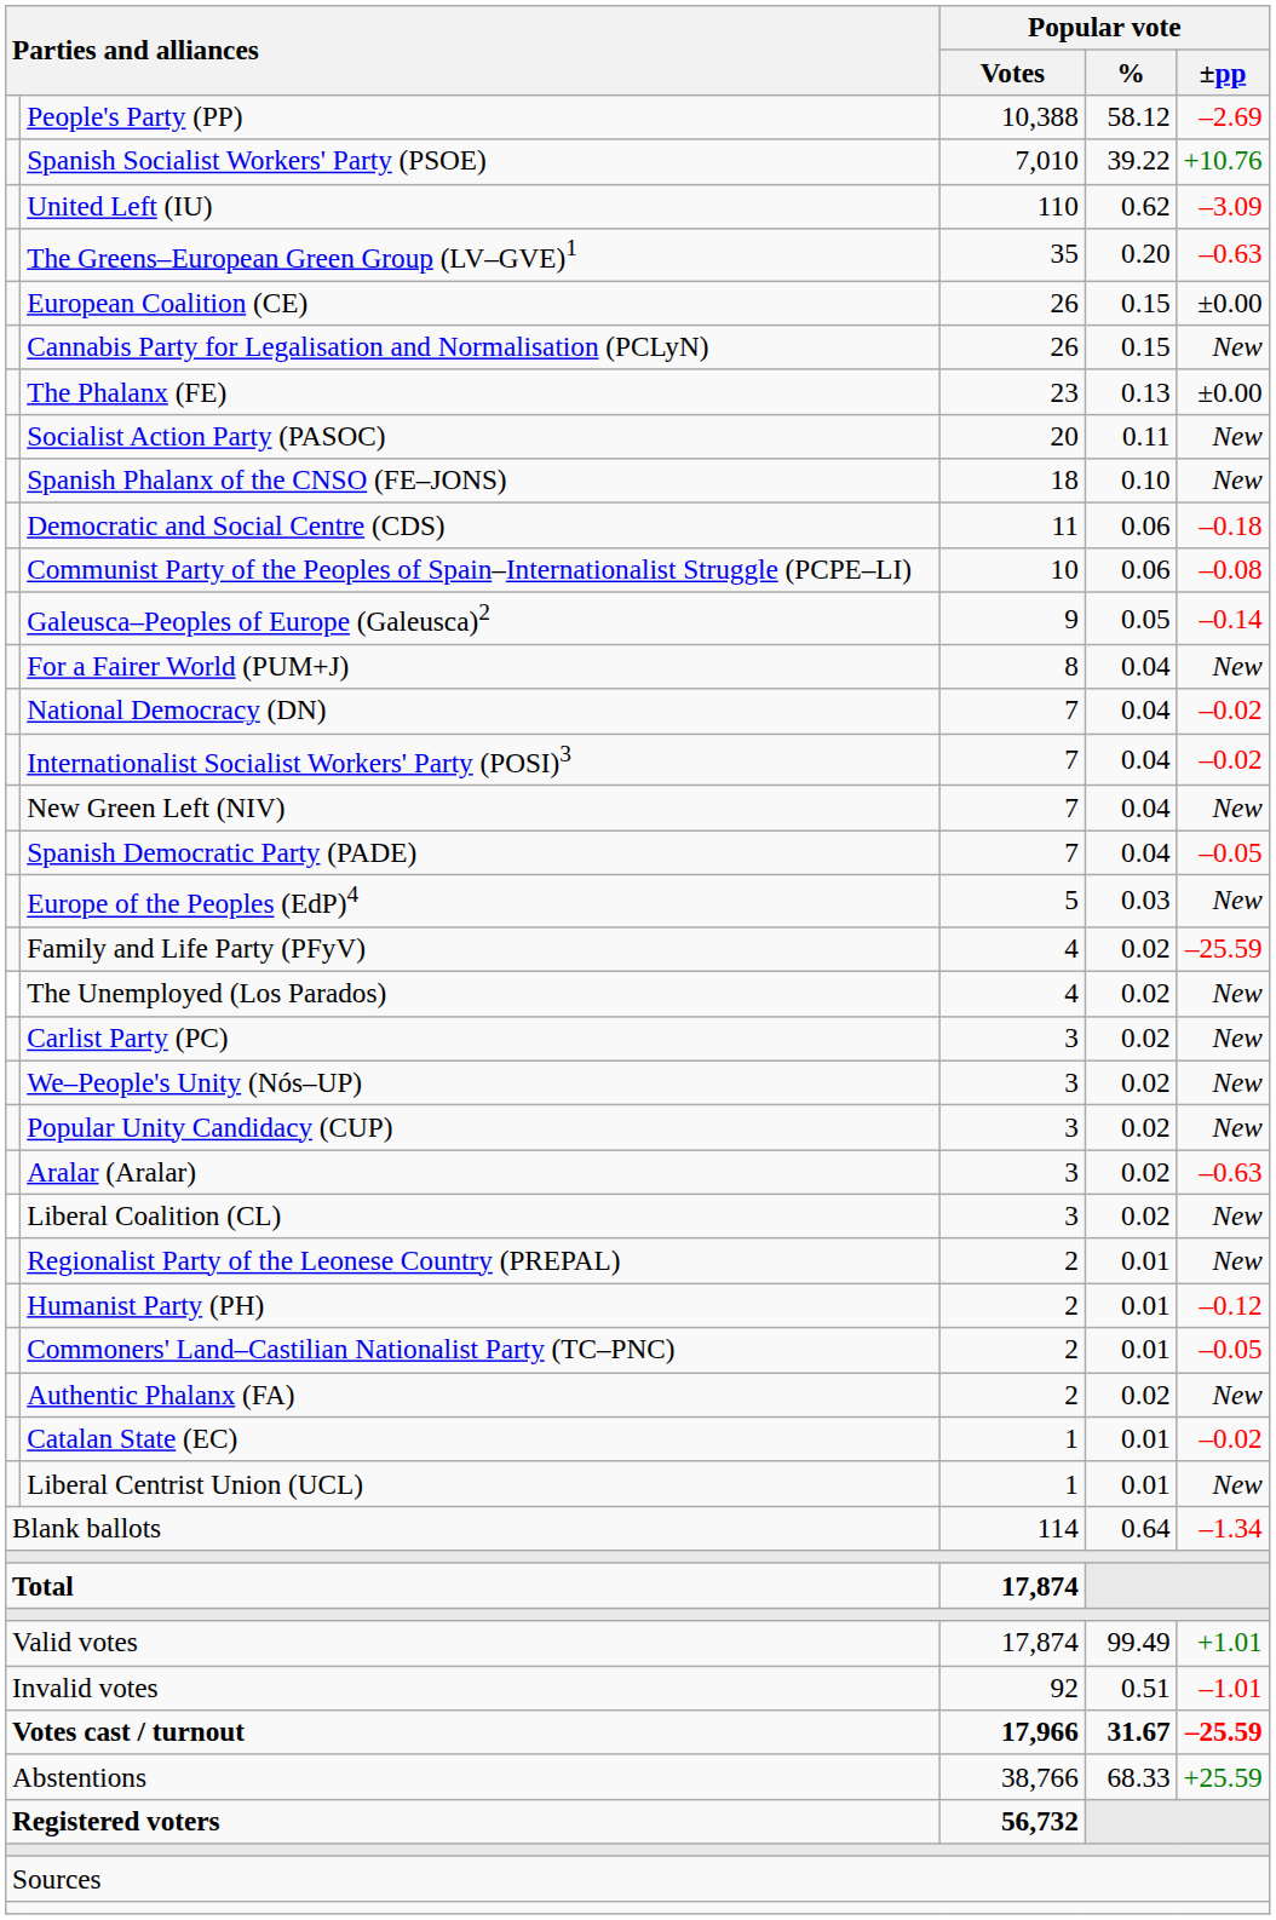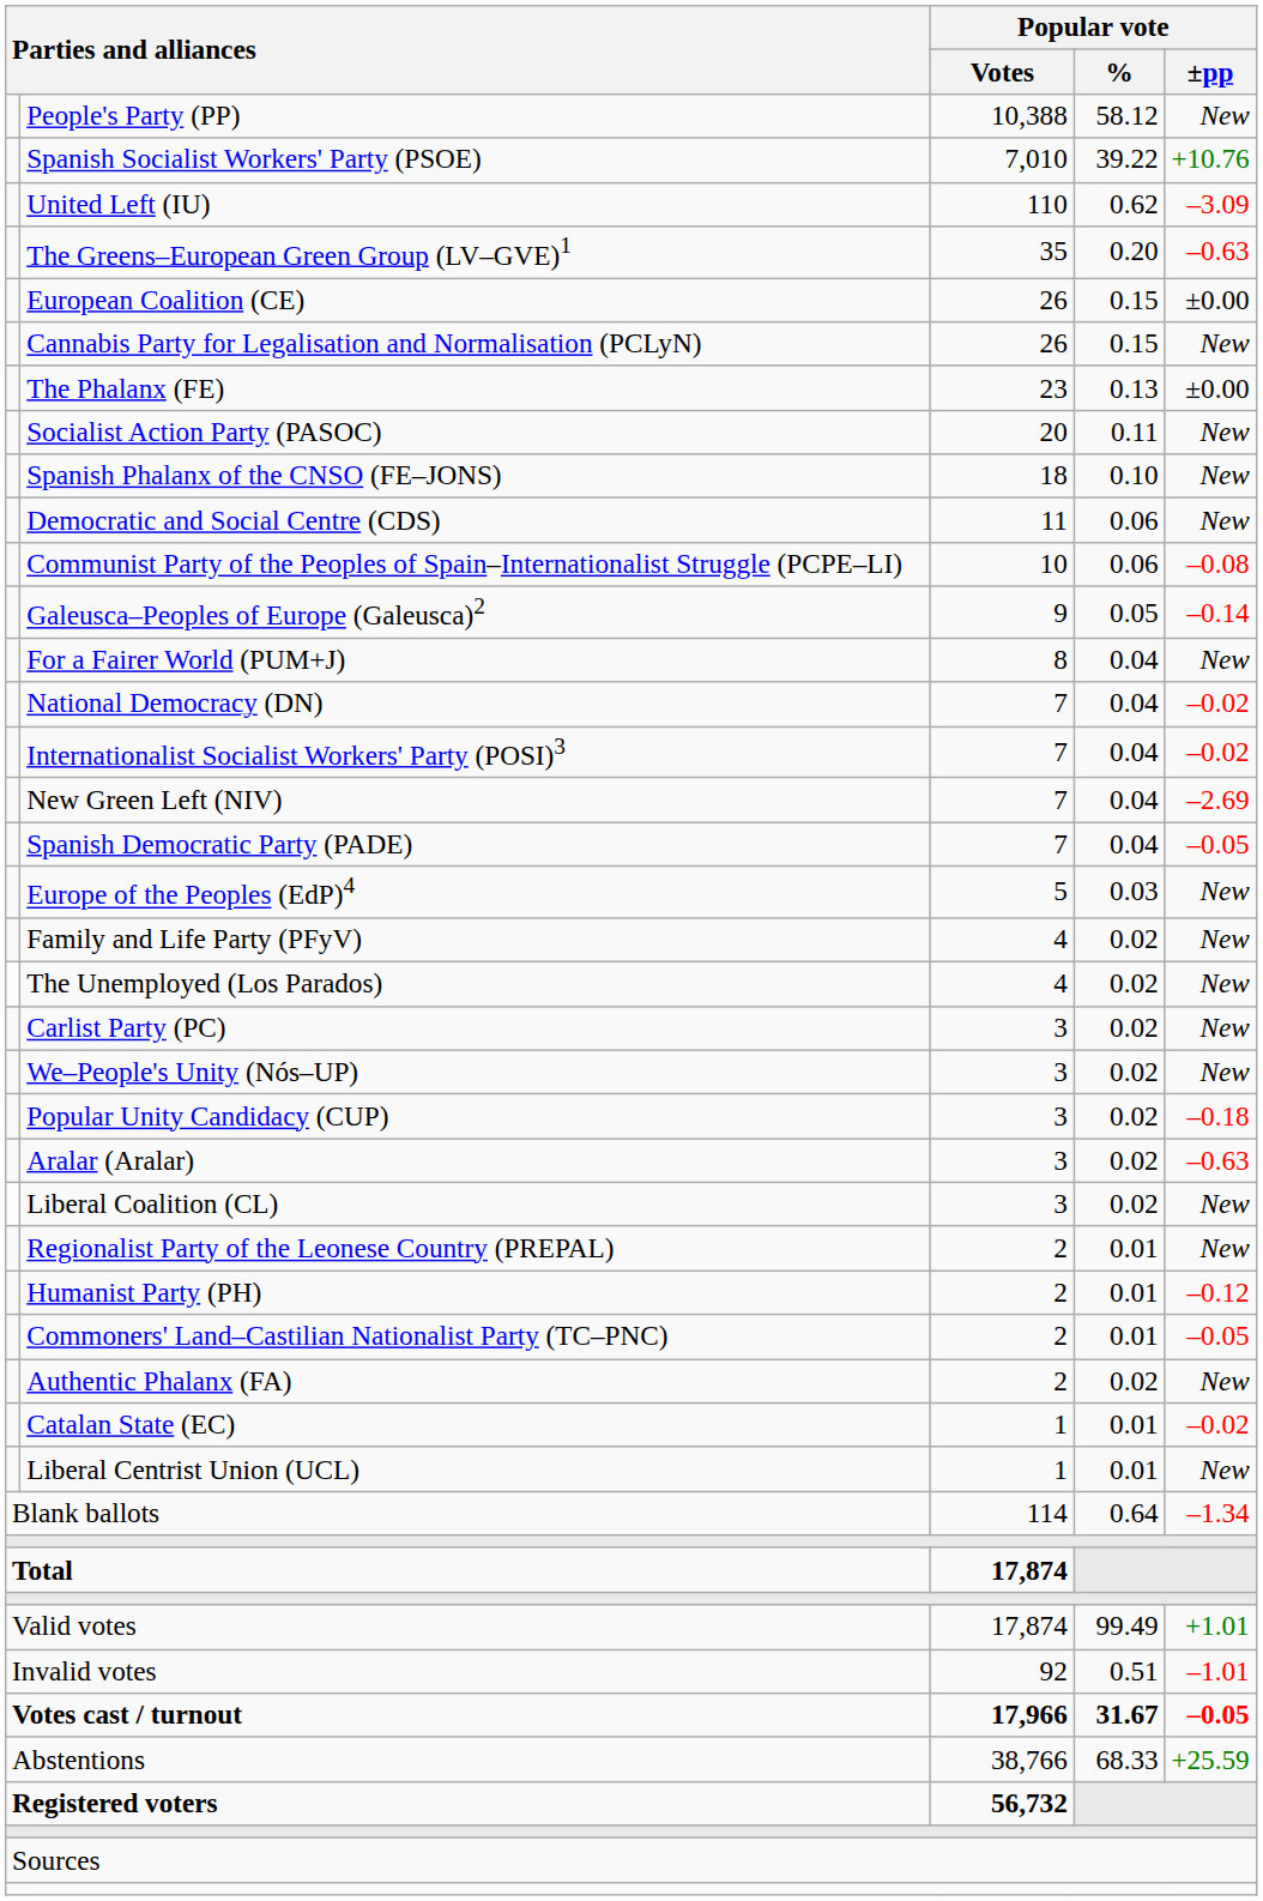 <table class="wikitable" style="text-align:right">
 <tr>
 <th style="text-align:left;" rowspan="2" colspan="2" width="525">Parties and alliances</th>
 <th colspan="3">Popular vote</th>
 </tr>
 <tr>
 <th width="75">Votes</th>
 <th width="45">%</th>
 <th width="45">±<a href='#'>pp</a></th>
 </tr>
 <tr>
 <td width="1" style="color:inherit;background:"></td>
 <td align="left"><a href='#'>People's Party</a> (PP)</td>
 <td>10,388</td>
 <td>58.12</td>
-<td style="color:red;">–2.69</td>
+<td><em>New</em></td>
 </tr>
 <tr>
 <td style="color:inherit;background:"></td>
 <td align="left"><a href='#'>Spanish Socialist Workers' Party</a> (PSOE)</td>
 <td>7,010</td>
 <td>39.22</td>
 <td style="color:green;">+10.76</td>
 </tr>
 <tr>
 <td style="color:inherit;background:"></td>
 <td align="left"><a href='#'>United Left</a> (IU)</td>
 <td>110</td>
 <td>0.62</td>
 <td style="color:red;">–3.09</td>
 </tr>
 <tr>
 <td style="color:inherit;background:"></td>
 <td align="left"><a href='#'>The Greens–European Green Group</a> (LV–GVE)<sup>1</sup></td>
 <td>35</td>
 <td>0.20</td>
 <td style="color:red;">–0.63</td>
 </tr>
 <tr>
 <td style="color:inherit;background:"></td>
 <td align="left"><a href='#'>European Coalition</a> (CE)</td>
 <td>26</td>
 <td>0.15</td>
 <td>±0.00</td>
 </tr>
 <tr>
 <td style="color:inherit;background:"></td>
 <td align="left"><a href='#'>Cannabis Party for Legalisation and Normalisation</a> (PCLyN)</td>
 <td>26</td>
 <td>0.15</td>
 <td><em>New</em></td>
 </tr>
 <tr>
 <td style="color:inherit;background:"></td>
 <td align="left"><a href='#'>The Phalanx</a> (FE)</td>
 <td>23</td>
 <td>0.13</td>
 <td>±0.00</td>
 </tr>
 <tr>
 <td style="color:inherit;background:"></td>
 <td align="left"><a href='#'>Socialist Action Party</a> (PASOC)</td>
 <td>20</td>
 <td>0.11</td>
 <td><em>New</em></td>
 </tr>
 <tr>
 <td style="color:inherit;background:"></td>
 <td align="left"><a href='#'>Spanish Phalanx of the CNSO</a> (FE–JONS)</td>
 <td>18</td>
 <td>0.10</td>
 <td><em>New</em></td>
 </tr>
 <tr>
 <td style="color:inherit;background:"></td>
 <td align="left"><a href='#'>Democratic and Social Centre</a> (CDS)</td>
 <td>11</td>
 <td>0.06</td>
-<td style="color:red;">–0.18</td>
+<td><em>New</em></td>
 </tr>
 <tr>
 <td style="color:inherit;background:"></td>
 <td align="left"><a href='#'>Communist Party of the Peoples of Spain</a>–<a href='#'>Internationalist Struggle</a> (PCPE–LI)</td>
 <td>10</td>
 <td>0.06</td>
 <td style="color:red;">–0.08</td>
 </tr>
 <tr>
 <td style="color:inherit;background:"></td>
 <td align="left"><a href='#'>Galeusca–Peoples of Europe</a> (Galeusca)<sup>2</sup></td>
 <td>9</td>
 <td>0.05</td>
 <td style="color:red;">–0.14</td>
 </tr>
 <tr>
 <td style="color:inherit;background:"></td>
 <td align="left"><a href='#'>For a Fairer World</a> (PUM+J)</td>
 <td>8</td>
 <td>0.04</td>
 <td><em>New</em></td>
 </tr>
 <tr>
 <td style="color:inherit;background:"></td>
 <td align="left"><a href='#'>National Democracy</a> (DN)</td>
 <td>7</td>
 <td>0.04</td>
 <td style="color:red;">–0.02</td>
 </tr>
 <tr>
 <td style="color:inherit;background:"></td>
 <td align="left"><a href='#'>Internationalist Socialist Workers' Party</a> (POSI)<sup>3</sup></td>
 <td>7</td>
 <td>0.04</td>
 <td style="color:red;">–0.02</td>
 </tr>
 <tr>
 <td style="color:inherit;background:"></td>
 <td align="left">New Green Left (NIV)</td>
 <td>7</td>
 <td>0.04</td>
-<td><em>New</em></td>
+<td style="color:red;">–2.69</td>
 </tr>
 <tr>
 <td style="color:inherit;background:"></td>
 <td align="left"><a href='#'>Spanish Democratic Party</a> (PADE)</td>
 <td>7</td>
 <td>0.04</td>
 <td style="color:red;">–0.05</td>
 </tr>
 <tr>
 <td style="color:inherit;background:"></td>
 <td align="left"><a href='#'>Europe of the Peoples</a> (EdP)<sup>4</sup></td>
 <td>5</td>
 <td>0.03</td>
 <td><em>New</em></td>
 </tr>
 <tr>
 <td style="color:inherit;background:"></td>
 <td align="left">Family and Life Party (PFyV)</td>
 <td>4</td>
 <td>0.02</td>
-<td style="color:red;">–25.59</td>
+<td><em>New</em></td>
 </tr>
 <tr>
 <td bgcolor="white"></td>
 <td align="left">The Unemployed (Los Parados)</td>
 <td>4</td>
 <td>0.02</td>
 <td><em>New</em></td>
 </tr>
 <tr>
 <td style="color:inherit;background:"></td>
 <td align="left"><a href='#'>Carlist Party</a> (PC)</td>
 <td>3</td>
 <td>0.02</td>
 <td><em>New</em></td>
 </tr>
 <tr>
 <td style="color:inherit;background:"></td>
 <td align="left"><a href='#'>We–People's Unity</a> (Nós–UP)</td>
 <td>3</td>
 <td>0.02</td>
 <td><em>New</em></td>
 </tr>
 <tr>
 <td style="color:inherit;background:"></td>
 <td align="left"><a href='#'>Popular Unity Candidacy</a> (CUP)</td>
 <td>3</td>
 <td>0.02</td>
-<td><em>New</em></td>
+<td style="color:red;">–0.18</td>
 </tr>
 <tr>
 <td style="color:inherit;background:"></td>
 <td align="left"><a href='#'>Aralar</a> (Aralar)</td>
 <td>3</td>
 <td>0.02</td>
 <td style="color:red;">–0.63</td>
 </tr>
 <tr>
 <td bgcolor="white"></td>
 <td align="left">Liberal Coalition (CL)</td>
 <td>3</td>
 <td>0.02</td>
 <td><em>New</em></td>
 </tr>
 <tr>
 <td style="color:inherit;background:"></td>
 <td align="left"><a href='#'>Regionalist Party of the Leonese Country</a> (PREPAL)</td>
 <td>2</td>
 <td>0.01</td>
 <td><em>New</em></td>
 </tr>
 <tr>
 <td style="color:inherit;background:"></td>
 <td align="left"><a href='#'>Humanist Party</a> (PH)</td>
 <td>2</td>
 <td>0.01</td>
 <td style="color:red;">–0.12</td>
 </tr>
 <tr>
 <td style="color:inherit;background:"></td>
 <td align="left"><a href='#'>Commoners' Land–Castilian Nationalist Party</a> (TC–PNC)</td>
 <td>2</td>
 <td>0.01</td>
 <td style="color:red;">–0.05</td>
 </tr>
 <tr>
 <td style="color:inherit;background:"></td>
 <td align="left"><a href='#'>Authentic Phalanx</a> (FA)</td>
 <td>2</td>
 <td>0.02</td>
 <td><em>New</em></td>
 </tr>
 <tr>
 <td style="color:inherit;background:"></td>
 <td align="left"><a href='#'>Catalan State</a> (EC)</td>
 <td>1</td>
 <td>0.01</td>
 <td style="color:red;">–0.02</td>
 </tr>
 <tr>
 <td style="color:inherit;background:"></td>
 <td align="left">Liberal Centrist Union (UCL)</td>
 <td>1</td>
 <td>0.01</td>
 <td><em>New</em></td>
 </tr>
 <tr>
 <td align="left" colspan="2">Blank ballots</td>
 <td>114</td>
 <td>0.64</td>
 <td style="color:red;">–1.34</td>
 </tr>
 <tr>
 <td colspan="5" bgcolor="#E9E9E9"></td>
 </tr>
 <tr style="font-weight:bold;">
 <td align="left" colspan="2">Total</td>
 <td>17,874</td>
 <td bgcolor="#E9E9E9" colspan="2"></td>
 </tr>
 <tr>
 <td colspan="5" bgcolor="#E9E9E9"></td>
 </tr>
 <tr>
 <td align="left" colspan="2">Valid votes</td>
 <td>17,874</td>
 <td>99.49</td>
 <td style="color:green;">+1.01</td>
 </tr>
 <tr>
 <td align="left" colspan="2">Invalid votes</td>
 <td>92</td>
 <td>0.51</td>
 <td style="color:red;">–1.01</td>
 </tr>
 <tr style="font-weight:bold;">
 <td align="left" colspan="2">Votes cast / turnout</td>
 <td>17,966</td>
 <td>31.67</td>
-<td style="color:red;">–25.59</td>
+<td style="color:red;">–0.05</td>
 </tr>
 <tr>
 <td align="left" colspan="2">Abstentions</td>
 <td>38,766</td>
 <td>68.33</td>
 <td style="color:green;">+25.59</td>
 </tr>
 <tr style="font-weight:bold;">
 <td align="left" colspan="2">Registered voters</td>
 <td>56,732</td>
 <td bgcolor="#E9E9E9" colspan="2"></td>
 </tr>
 <tr>
 <td colspan="5" bgcolor="#E9E9E9"></td>
 </tr>
 <tr>
 <td align="left" colspan="5">Sources</td>
 </tr>
 <tr>
 <td colspan="5" style="text-align:left; max-width:680px;"></td>
 </tr>
 </table>
